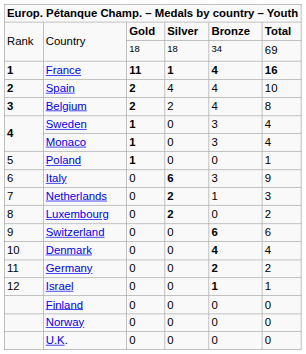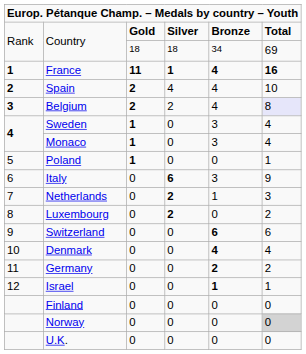 <table class="wikitable">
 <tr>
 <td colspan="6"><strong>Europ. Pétanque Champ. – Medals by country – Youth</strong></td>
 </tr>
 <tr>
 <td rowspan="2">Rank</td>
 <td rowspan="2">Country</td>
 <td><strong> Gold</strong></td>
 <td><strong> Silver</strong></td>
 <td><strong> Bronze</strong></td>
 <td><strong>Total</strong></td>
 </tr>
 <tr>
 <td><sup>18</sup></td>
 <td><sup>18</sup></td>
 <td><sup>34</sup></td>
 <td>69</td>
 </tr>
 <tr>
 <td><strong>1</strong></td>
 <td> <a href='#'>France</a></td>
 <td><strong>11</strong></td>
 <td><strong>1</strong></td>
 <td><strong>4</strong></td>
 <td><strong>16</strong></td>
 </tr>
 <tr>
 <td><strong>2</strong></td>
 <td> <a href='#'>Spain</a></td>
 <td><strong>2</strong></td>
 <td>4</td>
 <td>4</td>
 <td>10</td>
 </tr>
 <tr>
 <td><strong>3</strong></td>
 <td> <a href='#'>Belgium</a></td>
 <td><strong>2</strong></td>
 <td>2</td>
 <td>4</td>
-<td>8</td>
+<td style="background: lavender;">8</td>
 </tr>
 <tr>
 <td rowspan="2"><strong>4</strong></td>
 <td> <a href='#'>Sweden</a></td>
 <td><strong>1</strong></td>
 <td>0</td>
 <td>3</td>
 <td>4</td>
 </tr>
 <tr>
 <td> <a href='#'>Monaco</a></td>
 <td><strong>1</strong></td>
 <td>0</td>
 <td>3</td>
 <td>4</td>
 </tr>
 <tr>
 <td>5</td>
 <td> <a href='#'>Poland</a></td>
 <td><strong>1</strong></td>
 <td>0</td>
 <td>0</td>
 <td>1</td>
 </tr>
 <tr>
 <td>6</td>
 <td> <a href='#'>Italy</a></td>
 <td>0</td>
 <td><strong>6</strong></td>
 <td>3</td>
 <td>9</td>
 </tr>
 <tr>
 <td>7</td>
 <td> <a href='#'>Netherlands</a></td>
 <td>0</td>
 <td><strong>2</strong></td>
 <td>1</td>
 <td>3</td>
 </tr>
 <tr>
 <td>8</td>
 <td> <a href='#'>Luxembourg</a></td>
 <td>0</td>
 <td><strong>2</strong></td>
 <td>0</td>
 <td>2</td>
 </tr>
 <tr>
 <td>9</td>
 <td> <a href='#'>Switzerland</a></td>
 <td>0</td>
 <td>0</td>
 <td><strong>6</strong></td>
 <td>6</td>
 </tr>
 <tr>
 <td>10</td>
 <td> <a href='#'>Denmark</a></td>
 <td>0</td>
 <td>0</td>
 <td><strong>4</strong></td>
 <td>4</td>
 </tr>
 <tr>
 <td>11</td>
 <td> <a href='#'>Germany</a></td>
 <td>0</td>
 <td>0</td>
 <td><strong>2</strong></td>
 <td>2</td>
 </tr>
 <tr>
 <td>12</td>
 <td> <a href='#'>Israel</a></td>
 <td>0</td>
 <td>0</td>
 <td><strong>1</strong></td>
 <td>1</td>
 </tr>
 <tr>
 <td></td>
 <td> <a href='#'>Finland</a></td>
 <td>0</td>
 <td>0</td>
 <td>0</td>
 <td>0</td>
 </tr>
 <tr>
 <td></td>
 <td> <a href='#'>Norway</a></td>
 <td>0</td>
 <td>0</td>
 <td>0</td>
-<td>0</td>
+<td style="background: lightgrey;">0</td>
 </tr>
 <tr>
 <td></td>
 <td> <a href='#'>U.K</a>.</td>
 <td>0</td>
 <td>0</td>
 <td>0</td>
 <td>0</td>
 </tr>
 </table>
